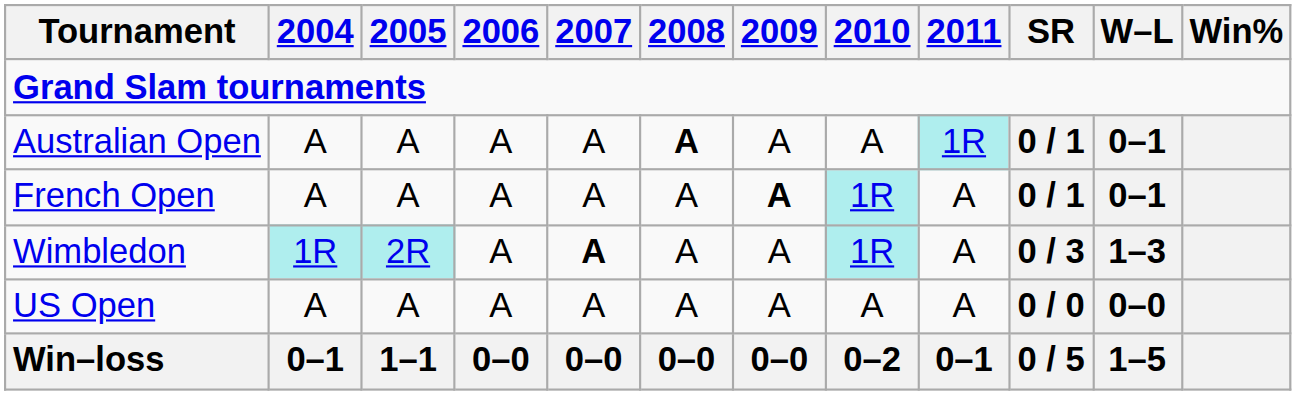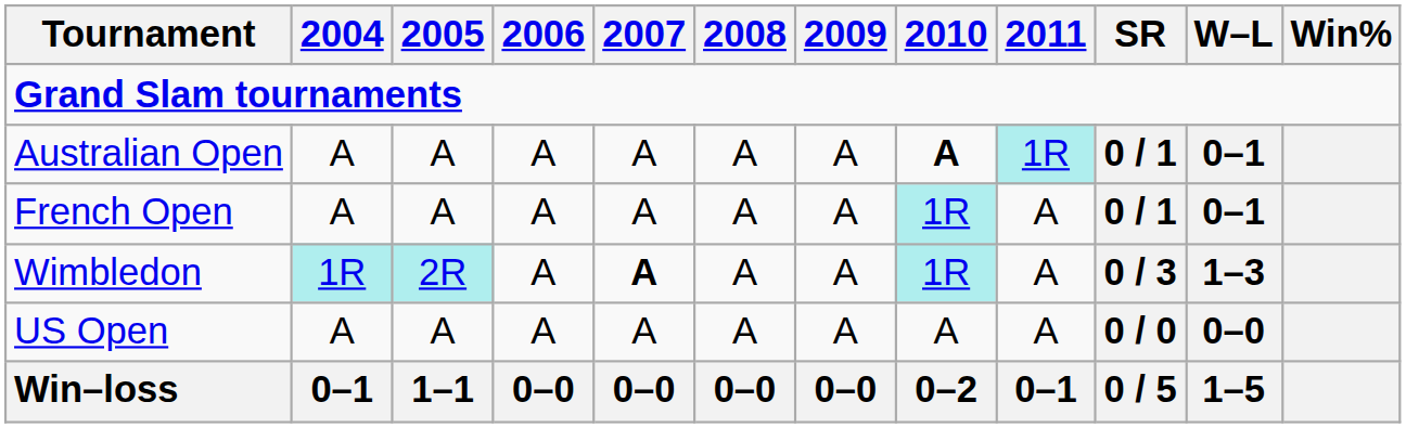 <table class=wikitable style=text-align:center>
 <tr>
 <th>Tournament</th>
 <th><a href='#'>2004</a></th>
 <th><a href='#'>2005</a></th>
 <th><a href='#'>2006</a></th>
 <th><a href='#'>2007</a></th>
 <th><a href='#'>2008</a></th>
 <th><a href='#'>2009</a></th>
 <th><a href='#'>2010</a></th>
 <th><a href='#'>2011</a></th>
 <th>SR</th>
 <th>W–L</th>
 <th>Win%</th>
 </tr>
 <tr>
 <td colspan=25 style=text-align:left><a href='#'><strong>Grand Slam tournaments</strong></a></td>
 </tr>
 <tr>
 <td align=left><a href='#'>Australian Open</a></td>
 <td>A</td>
 <td>A</td>
 <td>A</td>
 <td>A</td>
-<td><strong>A</strong></td>
 <td>A</td>
 <td>A</td>
+<td><strong>A</strong></td>
 <td bgcolor=afeeee><a href='#'>1R</a></td>
 <th>0 / 1</th>
 <th>0–1</th>
 <th></th>
 </tr>
 <tr>
 <td align=left><a href='#'>French Open</a></td>
 <td>A</td>
 <td>A</td>
 <td>A</td>
 <td>A</td>
 <td>A</td>
-<td><strong>A</strong></td>
+<td>A</td>
 <td bgcolor=afeeee><a href='#'>1R</a></td>
 <td>A</td>
 <th>0 / 1</th>
 <th>0–1</th>
 <th></th>
 </tr>
 <tr>
 <td align=left><a href='#'>Wimbledon</a></td>
 <td bgcolor=afeeee><a href='#'>1R</a></td>
 <td bgcolor=afeeee><a href='#'>2R</a></td>
 <td>A</td>
 <td><strong>A</strong></td>
 <td>A</td>
 <td>A</td>
 <td bgcolor=afeeee><a href='#'>1R</a></td>
 <td>A</td>
 <th>0 / 3</th>
 <th>1–3</th>
 <th></th>
 </tr>
 <tr>
 <td align=left><a href='#'>US Open</a></td>
 <td>A</td>
 <td>A</td>
 <td>A</td>
 <td>A</td>
 <td>A</td>
 <td>A</td>
 <td>A</td>
 <td>A</td>
 <th>0 / 0</th>
 <th>0–0</th>
 <th></th>
 </tr>
 <tr>
 <th style=text-align:left><strong>Win–loss</strong></th>
 <th>0–1</th>
 <th>1–1</th>
 <th>0–0</th>
 <th>0–0</th>
 <th>0–0</th>
 <th>0–0</th>
 <th>0–2</th>
 <th>0–1</th>
 <th>0 / 5</th>
 <th>1–5</th>
 <th></th>
 </tr>
 </table>
